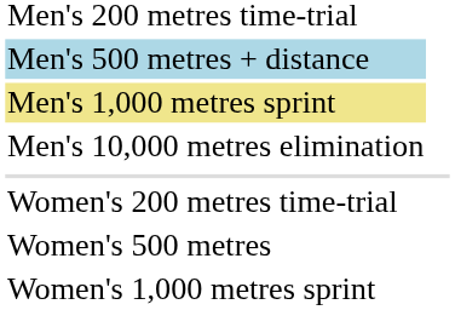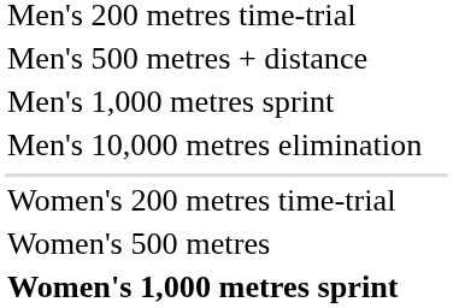 <table>
 <tr>
 <td>Men's 200 metres time-trial<br></td>
 <td></td>
 <td></td>
 <td></td>
 </tr>
 <tr>
-<td style="background: lightblue;">Men's 500 metres + distance<br></td>
+<td>Men's 500 metres + distance<br></td>
 <td></td>
 <td></td>
 <td></td>
 </tr>
 <tr>
-<td style="background: khaki;">Men's 1,000 metres sprint<br></td>
+<td>Men's 1,000 metres sprint<br></td>
 <td></td>
 <td></td>
 <td></td>
 </tr>
 <tr>
 <td>Men's 10,000 metres elimination<br></td>
 <td></td>
 <td></td>
 <td></td>
 </tr>
 <tr>
 </tr>
 <tr bgcolor=#DDDDDD>
 <td colspan=7></td>
 </tr>
 <tr>
 <td>Women's 200 metres time-trial<br></td>
 <td></td>
 <td></td>
 <td></td>
 </tr>
 <tr>
 <td>Women's 500 metres<br></td>
 <td></td>
 <td></td>
 <td></td>
 </tr>
 <tr>
-<td>Women's 1,000 metres sprint<br></td>
+<td><strong>Women's 1,000 metres sprint<br></strong></td>
 <td></td>
 <td></td>
 <td></td>
 </tr>
 <tr>
 <td><br></td>
 <td></td>
 <td></td>
 <td></td>
 </tr>
 </table>
